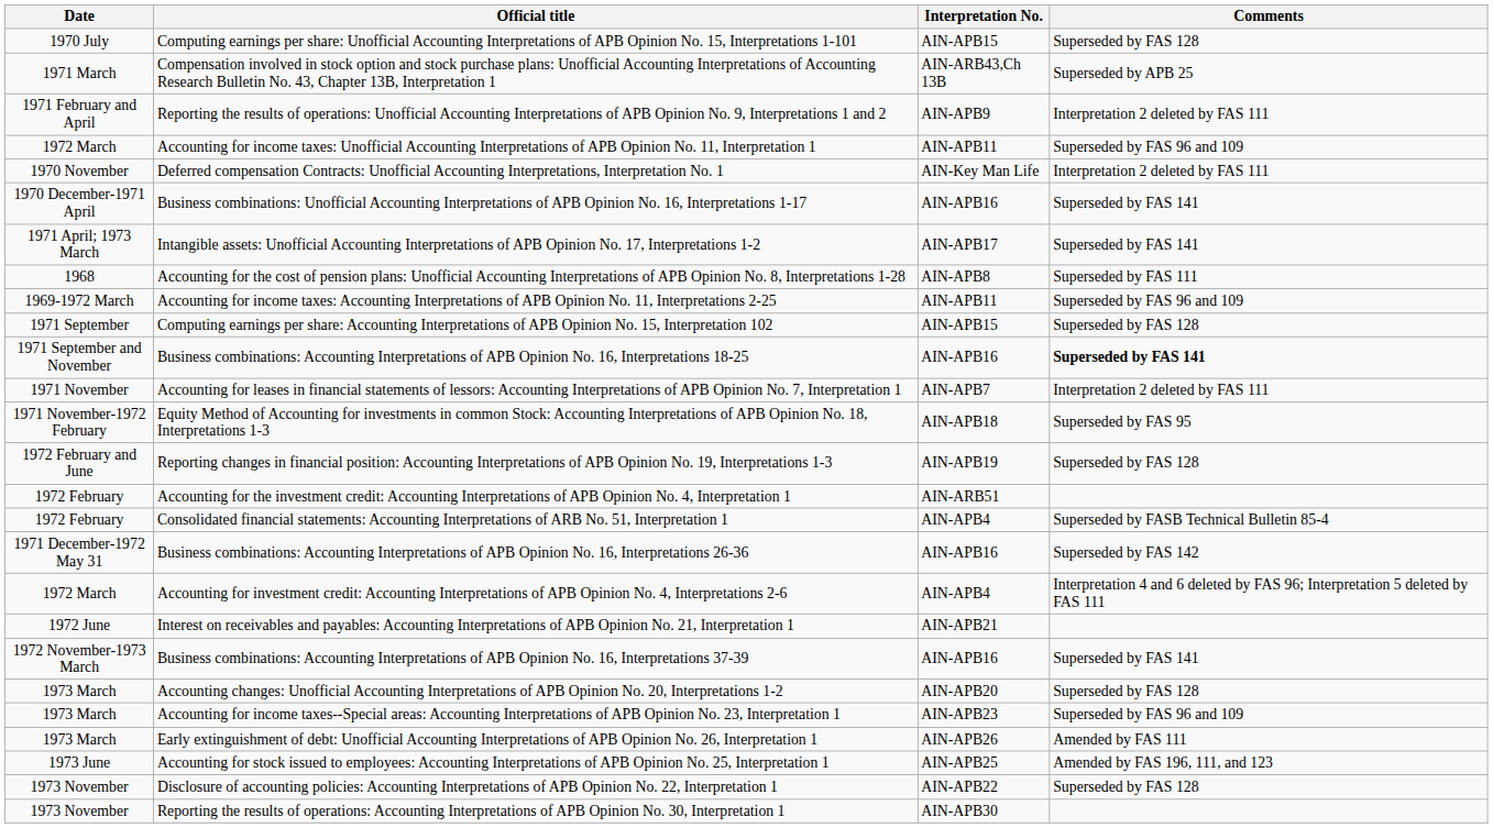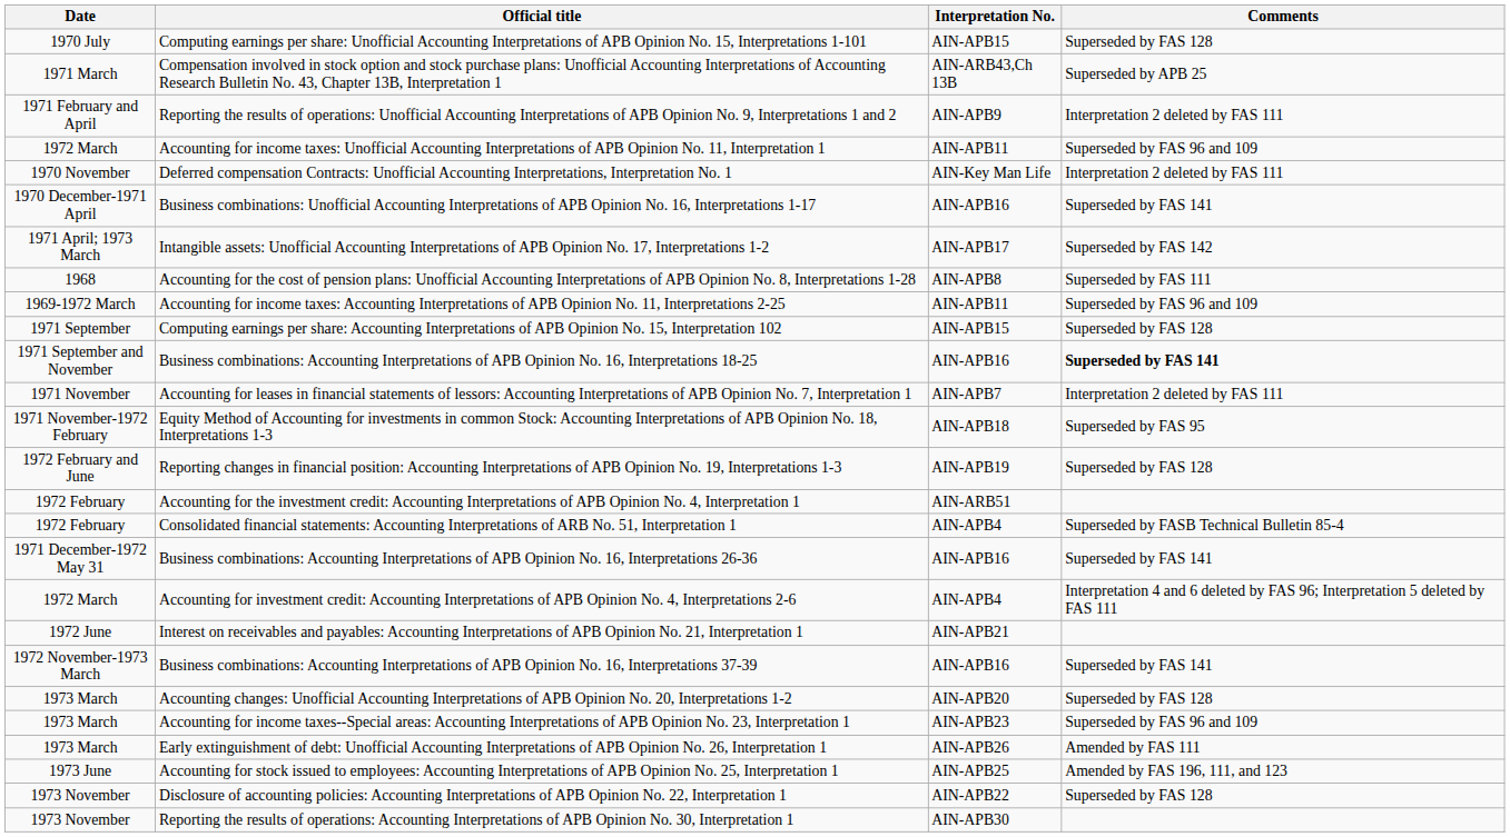 <table class="wikitable sortable">
 <tr>
 <th width="150">Date</th>
 <th width="800">Official title</th>
 <th width "150">Interpretation No.</th>
 <th width "200">Comments</th>
 </tr>
 <tr>
 <td align="center">1970 July</td>
 <td>Computing earnings per share: Unofficial Accounting Interpretations of APB Opinion No. 15, Interpretations 1-101</td>
 <td>AIN-APB15</td>
 <td>Superseded by FAS 128</td>
 </tr>
 <tr>
 <td align="center">1971 March</td>
 <td>Compensation involved in stock option and stock purchase plans: Unofficial Accounting Interpretations of Accounting Research Bulletin No. 43, Chapter 13B, Interpretation 1</td>
 <td>AIN-ARB43,Ch 13B</td>
 <td>Superseded by APB 25</td>
 </tr>
 <tr>
 <td align="center">1971 February and April</td>
 <td>Reporting the results of operations: Unofficial Accounting Interpretations of APB Opinion No. 9, Interpretations 1 and 2</td>
 <td>AIN-APB9</td>
 <td>Interpretation 2 deleted by FAS 111</td>
 </tr>
 <tr>
 <td align="center">1972 March</td>
 <td>Accounting for income taxes: Unofficial Accounting Interpretations of APB Opinion No. 11, Interpretation 1</td>
 <td>AIN-APB11</td>
 <td>Superseded by FAS 96 and 109</td>
 </tr>
 <tr>
 <td align="center">1970 November</td>
 <td>Deferred compensation Contracts: Unofficial Accounting Interpretations, Interpretation No. 1</td>
 <td>AIN-Key Man Life</td>
 <td>Interpretation 2 deleted by FAS 111</td>
 </tr>
 <tr>
 <td align="center">1970 December-1971 April</td>
 <td>Business combinations: Unofficial Accounting Interpretations of APB Opinion No. 16, Interpretations 1-17</td>
 <td>AIN-APB16</td>
 <td>Superseded by FAS 141</td>
 </tr>
 <tr>
 <td align="center">1971 April; 1973 March</td>
 <td>Intangible assets: Unofficial Accounting Interpretations of APB Opinion No. 17, Interpretations 1-2</td>
 <td>AIN-APB17</td>
-<td>Superseded by FAS 141</td>
+<td>Superseded by FAS 142</td>
 </tr>
 <tr>
 <td align="center">1968</td>
 <td>Accounting for the cost of pension plans: Unofficial Accounting Interpretations of APB Opinion No. 8, Interpretations 1-28</td>
 <td>AIN-APB8</td>
 <td>Superseded by FAS 111</td>
 </tr>
 <tr>
 <td align="center">1969-1972 March</td>
 <td>Accounting for income taxes: Accounting Interpretations of APB Opinion No. 11, Interpretations 2-25</td>
 <td>AIN-APB11</td>
 <td>Superseded by FAS 96 and 109</td>
 </tr>
 <tr>
 <td align="center">1971 September</td>
 <td>Computing earnings per share: Accounting Interpretations of APB Opinion No. 15, Interpretation 102</td>
 <td>AIN-APB15</td>
 <td>Superseded by FAS 128</td>
 </tr>
 <tr>
 <td align="center">1971 September and November</td>
 <td>Business combinations: Accounting Interpretations of APB Opinion No. 16, Interpretations 18-25</td>
 <td>AIN-APB16</td>
 <td><strong>Superseded by FAS 141</strong></td>
 </tr>
 <tr>
 <td align="center">1971 November</td>
 <td>Accounting for leases in financial statements of lessors: Accounting Interpretations of APB Opinion No. 7, Interpretation 1</td>
 <td>AIN-APB7</td>
 <td>Interpretation 2 deleted by FAS 111</td>
 </tr>
 <tr>
 <td align="center">1971 November-1972 February</td>
 <td>Equity Method of Accounting for investments in common Stock: Accounting Interpretations of APB Opinion No. 18, Interpretations 1-3</td>
 <td>AIN-APB18</td>
 <td>Superseded by FAS 95</td>
 </tr>
 <tr>
 <td align="center">1972 February and June</td>
 <td>Reporting changes in financial position: Accounting Interpretations of APB Opinion No. 19, Interpretations 1-3</td>
 <td>AIN-APB19</td>
 <td>Superseded by FAS 128</td>
 </tr>
 <tr>
 <td align="center">1972 February</td>
 <td>Accounting for the investment credit: Accounting Interpretations of APB Opinion No. 4, Interpretation 1</td>
 <td>AIN-ARB51</td>
 <td></td>
 </tr>
 <tr>
 <td align="center">1972 February</td>
 <td>Consolidated financial statements: Accounting Interpretations of ARB No. 51, Interpretation 1</td>
 <td>AIN-APB4</td>
 <td>Superseded by FASB Technical Bulletin 85-4</td>
 </tr>
 <tr>
 <td align="center">1971 December-1972 May 31</td>
 <td>Business combinations: Accounting Interpretations of APB Opinion No. 16, Interpretations 26-36</td>
 <td>AIN-APB16</td>
-<td>Superseded by FAS 142</td>
+<td>Superseded by FAS 141</td>
 </tr>
 <tr>
 <td align="center">1972 March</td>
 <td>Accounting for investment credit: Accounting Interpretations of APB Opinion No. 4, Interpretations 2-6</td>
 <td>AIN-APB4</td>
 <td>Interpretation 4 and 6 deleted by FAS 96; Interpretation 5 deleted by FAS 111</td>
 </tr>
 <tr>
 <td align="center">1972 June</td>
 <td>Interest on receivables and payables: Accounting Interpretations of APB Opinion No. 21, Interpretation 1</td>
 <td>AIN-APB21</td>
 <td></td>
 </tr>
 <tr>
 <td align="center">1972 November-1973 March</td>
 <td>Business combinations: Accounting Interpretations of APB Opinion No. 16, Interpretations 37-39</td>
 <td>AIN-APB16</td>
 <td>Superseded by FAS 141</td>
 </tr>
 <tr>
 <td align="center">1973 March</td>
 <td>Accounting changes: Unofficial Accounting Interpretations of APB Opinion No. 20, Interpretations 1-2</td>
 <td>AIN-APB20</td>
 <td>Superseded by FAS 128</td>
 </tr>
 <tr>
 <td align="center">1973 March</td>
 <td>Accounting for income taxes--Special areas: Accounting Interpretations of APB Opinion No. 23, Interpretation 1</td>
 <td>AIN-APB23</td>
 <td>Superseded by FAS 96 and 109</td>
 </tr>
 <tr>
 <td align="center">1973 March</td>
 <td>Early extinguishment of debt: Unofficial Accounting Interpretations of APB Opinion No. 26, Interpretation 1</td>
 <td>AIN-APB26</td>
 <td>Amended by FAS 111</td>
 </tr>
 <tr>
 <td align="center">1973 June</td>
 <td>Accounting for stock issued to employees: Accounting Interpretations of APB Opinion No. 25, Interpretation 1</td>
 <td>AIN-APB25</td>
 <td>Amended by FAS 196, 111, and 123</td>
 </tr>
 <tr>
 <td align="center">1973 November</td>
 <td>Disclosure of accounting policies: Accounting Interpretations of APB Opinion No. 22, Interpretation 1</td>
 <td>AIN-APB22</td>
 <td>Superseded by FAS 128</td>
 </tr>
 <tr>
 <td align="center">1973 November</td>
 <td>Reporting the results of operations: Accounting Interpretations of APB Opinion No. 30, Interpretation 1</td>
 <td>AIN-APB30</td>
 <td></td>
 </tr>
 </table>
